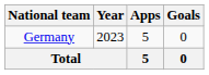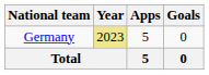 <table class="wikitable" style="text-align:center">
 <tr>
 <th>National team</th>
 <th>Year</th>
 <th>Apps</th>
 <th>Goals</th>
 </tr>
 <tr>
 <td><a href='#'>Germany</a></td>
-<td>2023</td>
+<td style="background: khaki;">2023</td>
 <td>5</td>
 <td>0</td>
 </tr>
 <tr>
 <th colspan="2">Total</th>
 <th>5</th>
 <th>0</th>
 </tr>
 </table>
